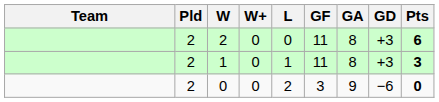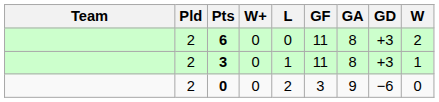 <table class="wikitable" style="text-align: center; font-size:90% ">
 <tr>
 <th width=160>Team</th>
 <th width=25>Pld</th>
-<th width=25>W</th>
+<th width=25>Pts</th>
 <th width=25>W+</th>
 <th width=25>L</th>
 <th width=25>GF</th>
 <th width=25>GA</th>
 <th width=25>GD</th>
-<th width=25>Pts</th>
+<th width=25>W</th>
 </tr>
 <tr bgcolor=ccffcc>
 <td align=left></td>
 <td>2</td>
-<td>2</td>
+<td><strong>6</strong></td>
 <td>0</td>
 <td>0</td>
 <td>11</td>
 <td>8</td>
 <td>+3</td>
-<td><strong>6</strong></td>
+<td>2</td>
 </tr>
 <tr bgcolor=ccffcc>
 <td align=left></td>
 <td>2</td>
-<td>1</td>
+<td><strong>3</strong></td>
 <td>0</td>
 <td>1</td>
 <td>11</td>
 <td>8</td>
 <td>+3</td>
-<td><strong>3</strong></td>
+<td>1</td>
 </tr>
 <tr>
 <td align=left></td>
 <td>2</td>
-<td>0</td>
+<td><strong>0</strong></td>
 <td>0</td>
 <td>2</td>
 <td>3</td>
 <td>9</td>
 <td>−6</td>
-<td><strong>0</strong></td>
+<td>0</td>
 </tr>
 </table>
